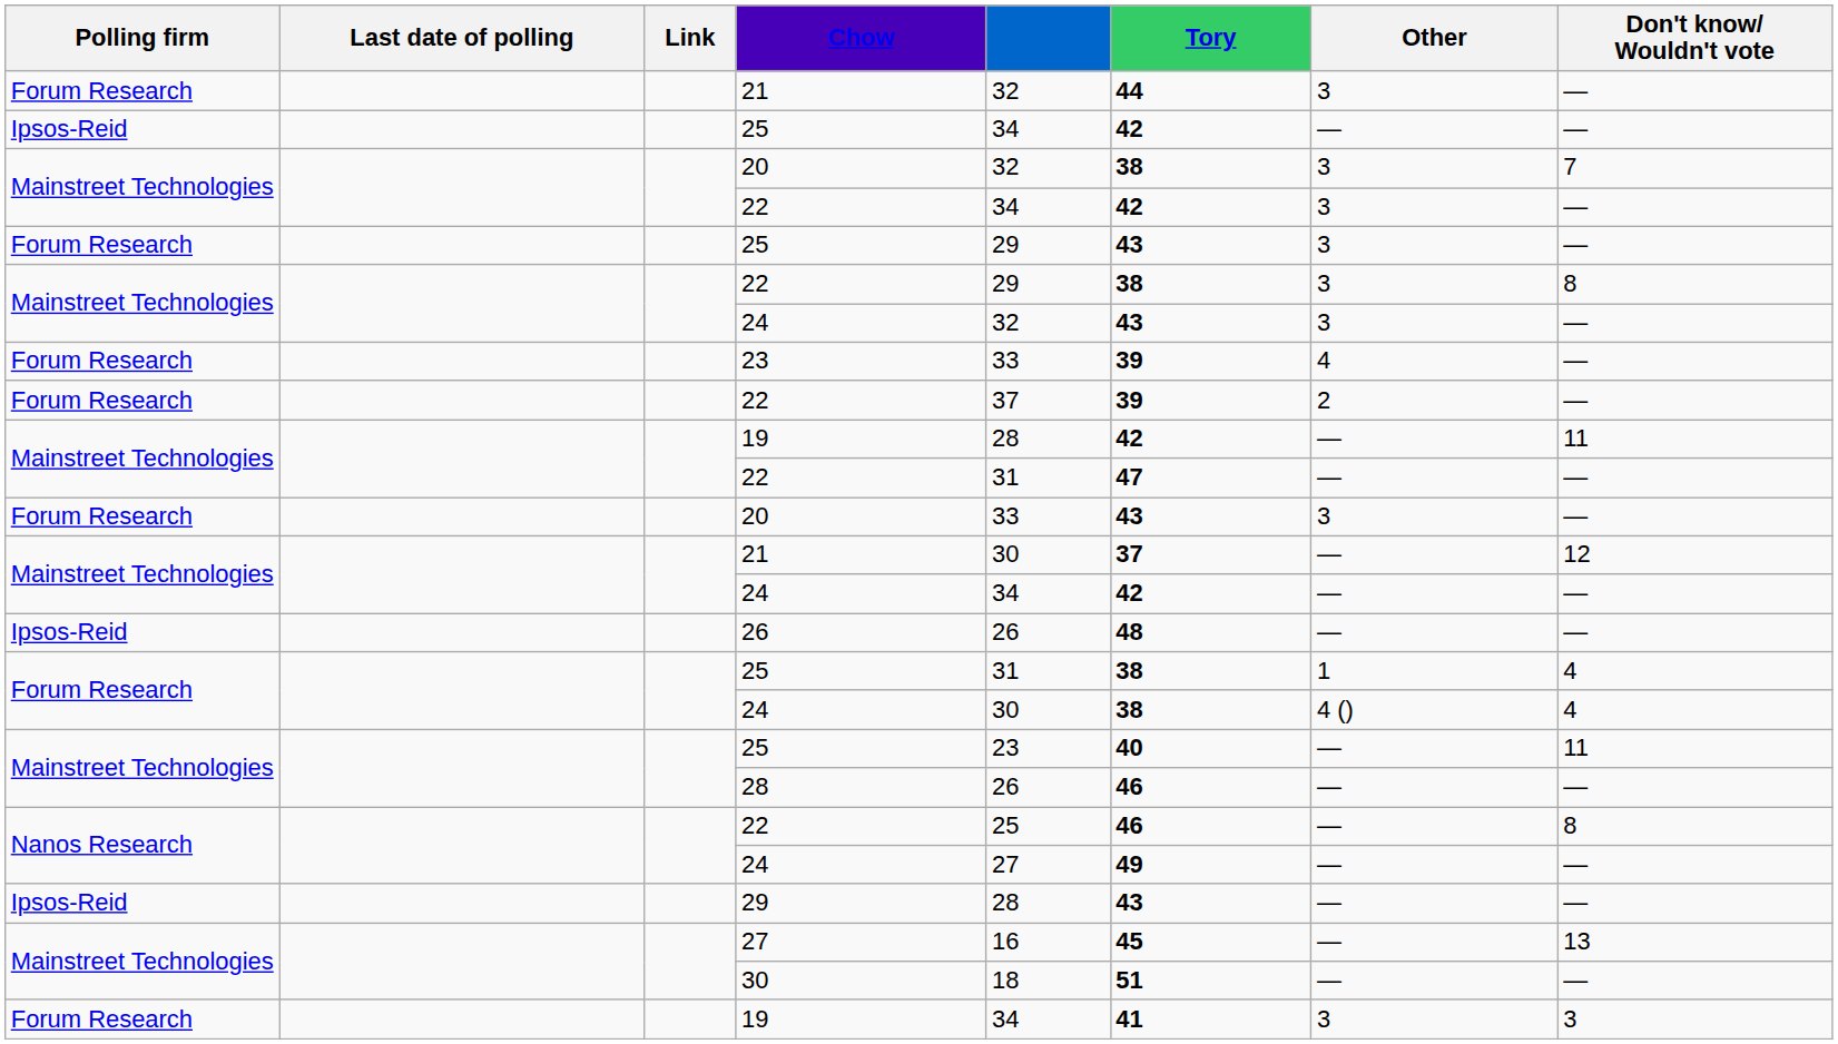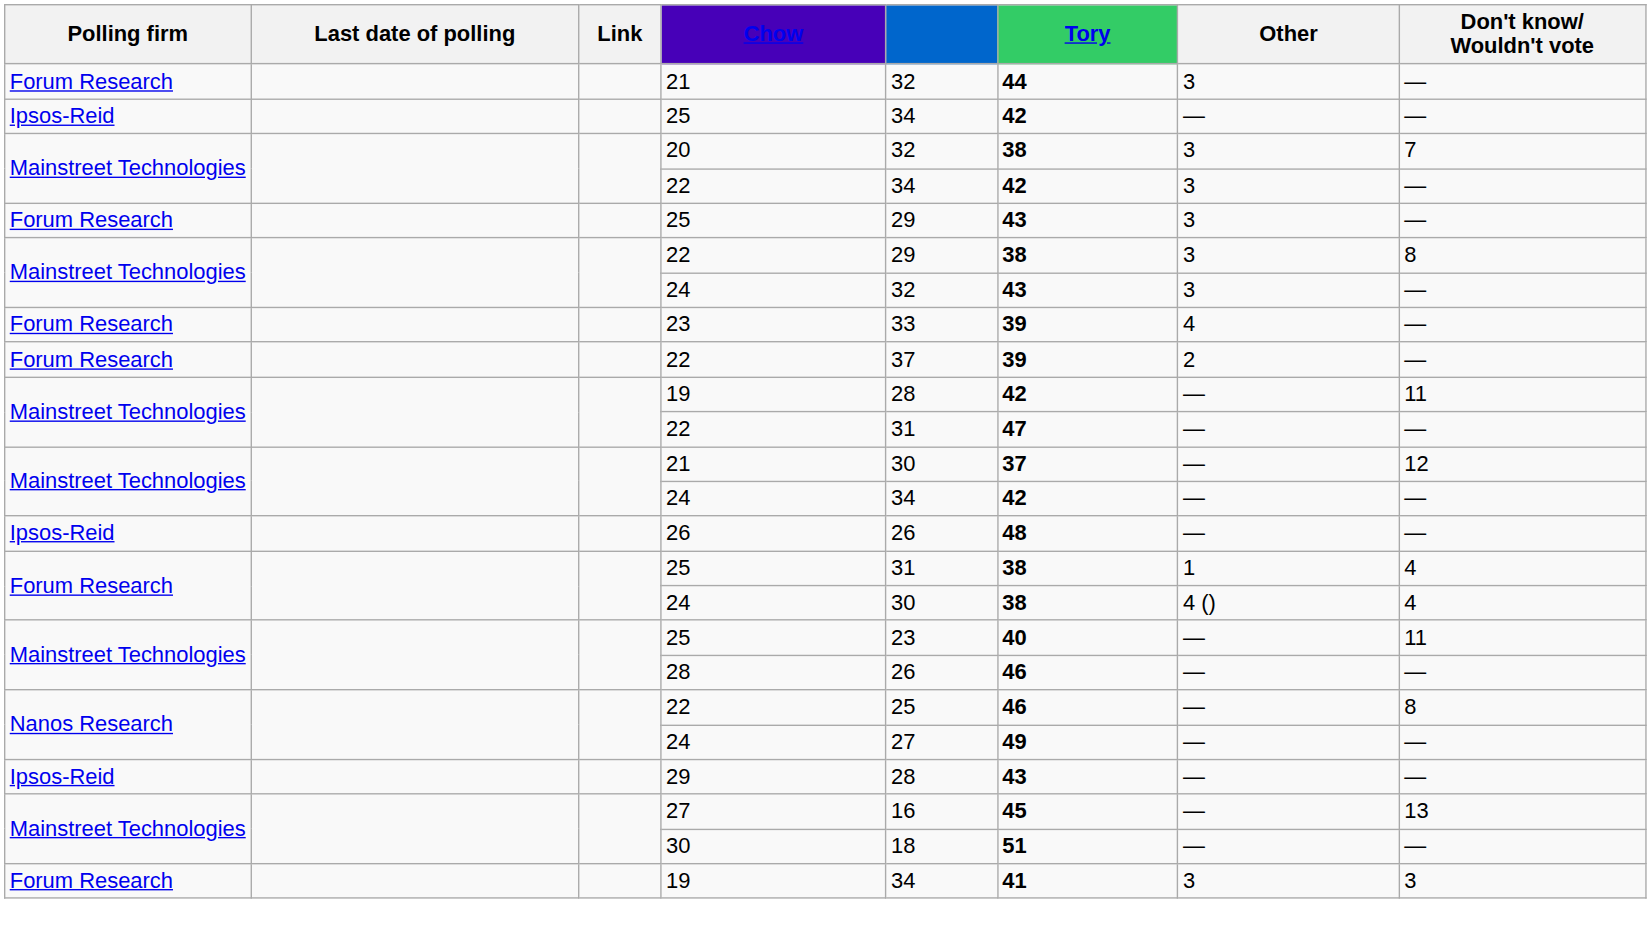 <table class="wikitable sortable">
 <tr style="background:#e9e9e9;">
 <th width=15%>Polling firm</th>
 <th width=20%>Last date of polling</th>
 <th style="width:5%;" class="unsortable">Link</th>
 <th style= "background-color: #4700B8;" align="center"><strong><a href='#'><span>Chow</span></a></strong></th>
 <th style= "background-color: #0066CC;" align="center"><strong><a href='#'><span></span></a></strong></th>
 <th style= "background-color: #33CC66;" align="center"><strong><a href='#'>Tory</a></strong></th>
 <th style="background-color:"><strong>Other</strong></th>
 <th width=15%>Don't know/<br>Wouldn't vote</th>
 </tr>
 <tr>
 <td rowspan=1><a href='#'>Forum Research</a></td>
 <td rowspan=1></td>
 <td rowspan=1></td>
 <td>21</td>
 <td>32</td>
 <td><strong>44</strong></td>
 <td>3</td>
 <td>—</td>
 </tr>
 <tr>
 <td rowspan=1><a href='#'>Ipsos-Reid</a></td>
 <td rowspan=1></td>
 <td rowspan=1></td>
 <td>25</td>
 <td>34</td>
 <td><strong>42</strong></td>
 <td>—</td>
 <td>—</td>
 </tr>
 <tr>
 <td rowspan=2><a href='#'>Mainstreet Technologies</a></td>
 <td rowspan=2></td>
 <td rowspan=2></td>
 <td>20</td>
 <td>32</td>
 <td><strong>38</strong></td>
 <td>3</td>
 <td>7</td>
 </tr>
 <tr>
 <td>22</td>
 <td>34</td>
 <td><strong>42</strong></td>
 <td>3</td>
 <td>—</td>
 </tr>
 <tr>
 <td rowspan=1><a href='#'>Forum Research</a></td>
 <td rowspan=1></td>
 <td rowspan=1></td>
 <td>25</td>
 <td>29</td>
 <td><strong>43</strong></td>
 <td>3</td>
 <td>—</td>
 </tr>
 <tr>
 <td rowspan=2><a href='#'>Mainstreet Technologies</a></td>
 <td rowspan=2></td>
 <td rowspan=2></td>
 <td>22</td>
 <td>29</td>
 <td><strong>38</strong></td>
 <td>3</td>
 <td>8</td>
 </tr>
 <tr>
 <td>24</td>
 <td>32</td>
 <td><strong>43</strong></td>
 <td>3</td>
 <td>—</td>
 </tr>
 <tr>
 <td rowspan=1><a href='#'>Forum Research</a></td>
 <td rowspan=1></td>
 <td rowspan=1></td>
 <td>23</td>
 <td>33</td>
 <td><strong>39</strong></td>
 <td>4</td>
 <td>—</td>
 </tr>
 <tr>
 <td rowspan=1><a href='#'>Forum Research</a></td>
 <td rowspan=1></td>
 <td rowspan=1></td>
 <td>22</td>
 <td>37</td>
 <td><strong>39</strong></td>
 <td>2</td>
 <td>—</td>
 </tr>
 <tr>
 <td rowspan=2><a href='#'>Mainstreet Technologies</a></td>
 <td rowspan=2></td>
 <td rowspan=2></td>
 <td>19</td>
 <td>28</td>
 <td><strong>42</strong></td>
 <td>—</td>
 <td>11</td>
 </tr>
 <tr>
 <td>22</td>
 <td>31</td>
 <td><strong>47</strong></td>
 <td>—</td>
-<td>—</td>
-</tr>
-<tr>
-<td rowspan=1><a href='#'>Forum Research</a></td>
-<td rowspan=1></td>
-<td rowspan=1></td>
-<td>20</td>
-<td>33</td>
-<td><strong>43</strong></td>
-<td>3</td>
 <td>—</td>
 </tr>
 <tr>
 <td rowspan=2><a href='#'>Mainstreet Technologies</a></td>
 <td rowspan=2></td>
 <td rowspan=2></td>
 <td>21</td>
 <td>30</td>
 <td><strong>37</strong></td>
 <td>—</td>
 <td>12</td>
 </tr>
 <tr>
 <td>24</td>
 <td>34</td>
 <td><strong>42</strong></td>
 <td>—</td>
 <td>—</td>
 </tr>
 <tr>
 <td rowspan=1><a href='#'>Ipsos-Reid</a></td>
 <td rowspan=1></td>
 <td rowspan=1></td>
 <td>26</td>
 <td>26</td>
 <td><strong>48</strong></td>
 <td>—</td>
 <td>—</td>
 </tr>
 <tr>
 <td rowspan=2><a href='#'>Forum Research</a></td>
 <td rowspan=2></td>
 <td rowspan=2></td>
 <td>25</td>
 <td>31</td>
 <td><strong>38</strong></td>
 <td>1</td>
 <td>4</td>
 </tr>
 <tr>
 <td>24</td>
 <td>30</td>
 <td><strong>38</strong></td>
 <td>4 ()</td>
 <td>4</td>
 </tr>
 <tr>
 <td rowspan=2><a href='#'>Mainstreet Technologies</a></td>
 <td rowspan=2></td>
 <td rowspan=2></td>
 <td>25</td>
 <td>23</td>
 <td><strong>40</strong></td>
 <td>—</td>
 <td>11</td>
 </tr>
 <tr>
 <td>28</td>
 <td>26</td>
 <td><strong>46</strong></td>
 <td>—</td>
 <td>—</td>
 </tr>
 <tr>
 <td rowspan=2><a href='#'>Nanos Research</a></td>
 <td rowspan=2></td>
 <td rowspan=2></td>
 <td>22</td>
 <td>25</td>
 <td><strong>46</strong></td>
 <td>—</td>
 <td>8</td>
 </tr>
 <tr>
 <td>24</td>
 <td>27</td>
 <td><strong>49</strong></td>
 <td>—</td>
 <td>—</td>
 </tr>
 <tr>
 <td rowspan=1><a href='#'>Ipsos-Reid</a></td>
 <td rowspan=1></td>
 <td rowspan=1></td>
 <td>29</td>
 <td>28</td>
 <td><strong>43</strong></td>
 <td>—</td>
 <td>—</td>
 </tr>
 <tr>
 <td rowspan=2><a href='#'>Mainstreet Technologies</a></td>
 <td rowspan=2></td>
 <td rowspan=2></td>
 <td>27</td>
 <td>16</td>
 <td><strong>45</strong></td>
 <td>—</td>
 <td>13</td>
 </tr>
 <tr>
 <td>30</td>
 <td>18</td>
 <td><strong>51</strong></td>
 <td>—</td>
 <td>—</td>
 </tr>
 <tr>
 <td rowspan=1><a href='#'>Forum Research</a></td>
 <td rowspan=1></td>
 <td rowspan=1></td>
 <td>19</td>
 <td>34</td>
 <td><strong>41</strong></td>
 <td>3</td>
 <td>3</td>
 </tr>
 </table>
